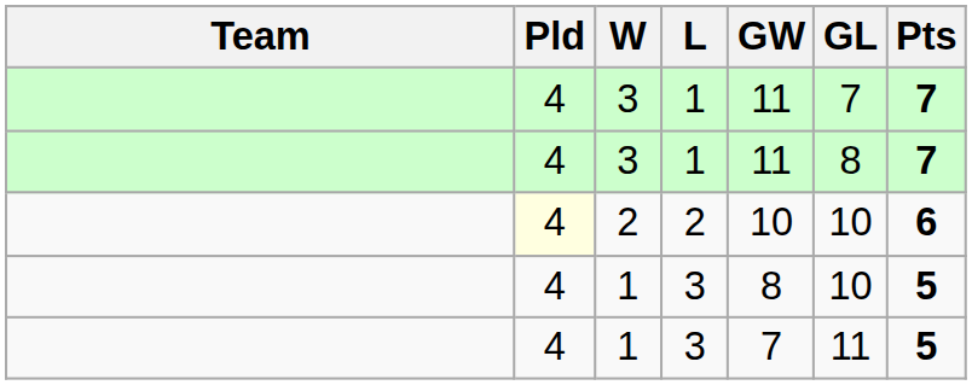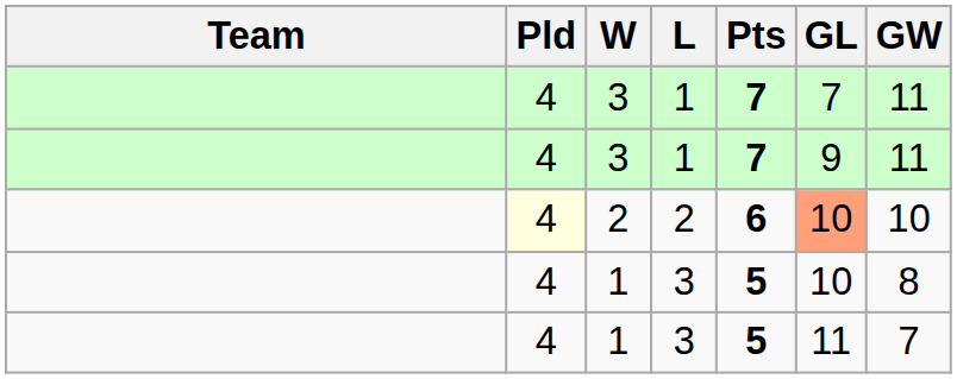 <table class="wikitable" style="text-align:center">
 <tr>
 <th width=200>Team</th>
 <th width=20>Pld</th>
 <th width=20>W</th>
 <th width=20>L</th>
+<th width=20>Pts</th>
+<th width=20>GL</th>
 <th width=20>GW</th>
-<th width=20>GL</th>
-<th width=20>Pts</th>
 </tr>
 <tr bgcolor=ccffcc>
 <td style="text-align:left;"></td>
 <td>4</td>
 <td>3</td>
 <td>1</td>
+<td><strong>7</strong></td>
+<td>7</td>
 <td>11</td>
-<td>7</td>
-<td><strong>7</strong></td>
 </tr>
 <tr bgcolor=ccffcc>
 <td style="text-align:left;"></td>
 <td>4</td>
 <td>3</td>
 <td>1</td>
+<td><strong>7</strong></td>
+<td>9</td>
 <td>11</td>
-<td>8</td>
-<td><strong>7</strong></td>
 </tr>
 <tr>
 <td style="text-align:left;"></td>
 <td style="background: lightyellow;">4</td>
 <td>2</td>
 <td>2</td>
+<td><strong>6</strong></td>
+<td style="background: lightsalmon;">10</td>
 <td>10</td>
-<td>10</td>
-<td><strong>6</strong></td>
 </tr>
 <tr>
 <td style="text-align:left;"></td>
 <td>4</td>
 <td>1</td>
 <td>3</td>
+<td><strong>5</strong></td>
+<td>10</td>
 <td>8</td>
-<td>10</td>
-<td><strong>5</strong></td>
 </tr>
 <tr>
 <td style="text-align:left;"></td>
 <td>4</td>
 <td>1</td>
 <td>3</td>
+<td><strong>5</strong></td>
+<td>11</td>
 <td>7</td>
-<td>11</td>
-<td><strong>5</strong></td>
 </tr>
 </table>
